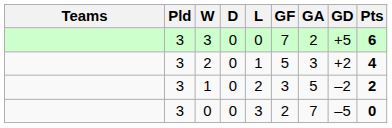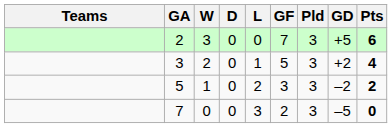 <table class="wikitable" style="text-align: center;">
 <tr>
 <th width=165>Teams</th>
-<th width=20>Pld</th>
+<th width=20>GA</th>
 <th width=20>W</th>
 <th width=20>D</th>
 <th width=20>L</th>
 <th width=20>GF</th>
-<th width=20>GA</th>
+<th width=20>Pld</th>
 <th width=20>GD</th>
 <th width=20>Pts</th>
 </tr>
 <tr align=center style="background:#ccffcc;">
 <td style="text-align:left;"></td>
-<td>3</td>
+<td>2</td>
 <td>3</td>
 <td>0</td>
 <td>0</td>
 <td>7</td>
-<td>2</td>
+<td>3</td>
 <td>+5</td>
 <td><strong>6</strong></td>
 </tr>
 <tr align=center>
 <td style="text-align:left;"></td>
 <td>3</td>
 <td>2</td>
 <td>0</td>
 <td>1</td>
 <td>5</td>
 <td>3</td>
 <td>+2</td>
 <td><strong>4</strong></td>
 </tr>
 <tr align=center>
 <td style="text-align:left;"></td>
-<td>3</td>
+<td>5</td>
 <td>1</td>
 <td>0</td>
 <td>2</td>
 <td>3</td>
-<td>5</td>
+<td>3</td>
 <td>–2</td>
 <td><strong>2</strong></td>
 </tr>
 <tr align=center>
 <td style="text-align:left;"></td>
-<td>3</td>
+<td>7</td>
 <td>0</td>
 <td>0</td>
 <td>3</td>
 <td>2</td>
-<td>7</td>
+<td>3</td>
 <td>–5</td>
 <td><strong>0</strong></td>
 </tr>
 </table>
